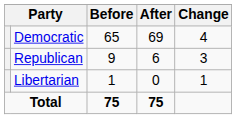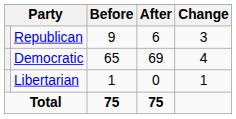 <table class="wikitable" style="text-align:center;">
 <tr>
 </tr>
 <tr>
 <th colspan=2>Party</th>
 <th>Before</th>
 <th>After</th>
 <th>Change</th>
 </tr>
 <tr>
 <th style="background-color:"></th>
+<td style="text-align:left;"><a href='#'>Republican</a></td>
+<td>9</td>
+<td>6</td>
+<td> 3</td>
+</tr>
+<tr>
+<th style="background-color:"></th>
 <td style="text-align:left;"><a href='#'>Democratic</a></td>
 <td>65</td>
 <td>69</td>
 <td> 4</td>
-</tr>
-<tr>
-<th style="background-color:"></th>
-<td style="text-align:left;"><a href='#'>Republican</a></td>
-<td>9</td>
-<td>6</td>
-<td> 3</td>
 </tr>
 <tr>
 <th style="background-color:"></th>
 <td style="text-align:left;"><a href='#'>Libertarian</a></td>
 <td>1</td>
 <td>0</td>
 <td> 1</td>
 </tr>
 <tr>
 <td colspan=2><strong>Total</strong></td>
 <td><strong>75</strong></td>
 <td><strong>75</strong></td>
 <td></td>
 </tr>
 </table>
